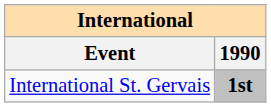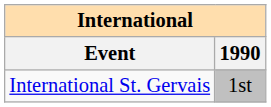 <table class="wikitable" style="text-align:center">
 <tr>
 <th style="background-color: #ffdead; " colspan=2 align=center>International</th>
 </tr>
 <tr>
 <th>Event</th>
 <th>1990</th>
 </tr>
 <tr>
 <td align=left><a href='#'>International St. Gervais</a></td>
-<td bgcolor=silver><strong>1st</strong></td>
+<td bgcolor=silver>1st</td>
 </tr>
 </table>
